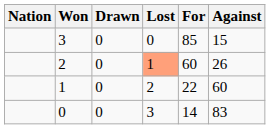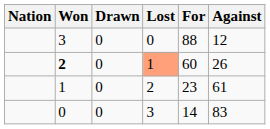 <table class="wikitable">
 <tr>
 <th>Nation</th>
 <th>Won</th>
 <th>Drawn</th>
 <th>Lost</th>
 <th>For</th>
 <th>Against</th>
 </tr>
 <tr>
 <td></td>
 <td>3</td>
 <td>0</td>
 <td>0</td>
-<td>85</td>
-<td>15</td>
+<td>88</td>
+<td>12</td>
 </tr>
 <tr>
 <td></td>
-<td>2</td>
+<td><strong>2</strong></td>
 <td>0</td>
 <td style="background: lightsalmon;">1</td>
 <td>60</td>
 <td>26</td>
 </tr>
 <tr>
 <td></td>
 <td>1</td>
 <td>0</td>
 <td>2</td>
-<td>22</td>
-<td>60</td>
+<td>23</td>
+<td>61</td>
 </tr>
 <tr>
 <td></td>
 <td>0</td>
 <td>0</td>
 <td>3</td>
 <td>14</td>
 <td>83</td>
 </tr>
 </table>
